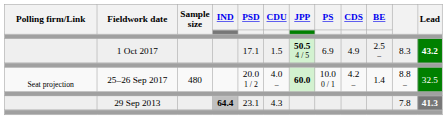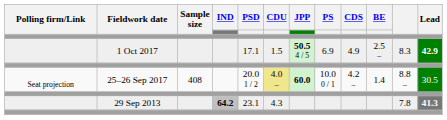 <table class="wikitable collapsible sortable" style="text-align:center; font-size:95%; line-height:16px;">
 <tr style="height:42px;">
 <th style="width:145px;" rowspan="2">Polling firm/Link</th>
 <th style="width:125px;" rowspan="2">Fieldwork date</th>
 <th class="unsortable" style="width:50px;" rowspan="2">Sample size</th>
 <th class="unsortable" style="width:35px;"><a href='#'>IND</a></th>
 <th class="unsortable" style="width:35px;"><a href='#'>PSD</a></th>
 <th class="unsortable" style="width:35px;"><a href='#'>CDU</a></th>
 <th class="unsortable" style="width:35px;"><a href='#'>JPP</a></th>
 <th class="unsortable" style="width:35px;"><a href='#'>PS</a></th>
 <th class="unsortable" style="width:35px;"><a href='#'>CDS</a></th>
 <th class="unsortable" style="width:35px;"><a href='#'>BE</a></th>
 <th class="unsortable" style="width:35px;" rowspan="2"></th>
 <th class="unsortable" style="width:30px;" rowspan="2">Lead</th>
 </tr>
 <tr>
 <th class="unsortable" style="color:inherit;background:#777777;"></th>
 <th class="unsortable" style="color:inherit;background:"></th>
 <th class="unsortable" style="color:inherit;background:"></th>
 <th class="unsortable" style="color:inherit;background:green;"></th>
 <th class="unsortable" style="color:inherit;background:"></th>
 <th class="unsortable" style="color:inherit;background:"></th>
 <th class="unsortable" style="color:inherit;background:"></th>
 </tr>
 <tr>
 <td colspan="12" style="background:#A0A0A0"></td>
 </tr>
 <tr style="background:#EFEFEF;">
 <td><strong></strong></td>
 <td data-sort-value="2019-10-06">1 Oct 2017</td>
 <td></td>
 <td></td>
 <td>17.1<br></td>
 <td>1.5<br></td>
 <td align="center" style="background:#D3F2D0;"><strong>50.5</strong><br><small>4 / 5</small></td>
 <td>6.9<br></td>
 <td>4.9<br></td>
 <td align="center">2.5<br><small>–</small></td>
 <td>8.3<br></td>
-<td style="background:green; color:white;"><strong>43.2</strong></td>
+<td style="background:green; color:white;"><strong>42.9</strong></td>
 </tr>
 <tr>
 <td colspan="12" style="background:#A0A0A0"></td>
 </tr>
 <tr>
 <td align="center"><br><small>Seat projection</small></td>
 <td align="center">25–26 Sep 2017</td>
-<td>480</td>
+<td>408</td>
 <td></td>
 <td align="center">20.0<br><small>1 / 2</small></td>
-<td align="center">4.0<br><small>–</small></td>
+<td align="center" style="background: khaki;">4.0<br><small>–</small></td>
 <td style="background:#D3F2D0;"><strong>60.0</strong><br></td>
 <td align="center">10.0<br><small>0 / 1</small></td>
 <td align="center">4.2<br><small>–</small></td>
 <td>1.4<br></td>
 <td align="center">8.8<br><small>–</small></td>
-<td style="background:green; color:white;">32.5</td>
+<td style="background:green; color:white;">30.5</td>
 </tr>
 <tr>
 <td colspan="12" style="background:#A0A0A0"></td>
 </tr>
 <tr style="background:#EFEFEF;">
 <td><strong></strong></td>
 <td data-sort-value="2019-10-06">29 Sep 2013</td>
 <td></td>
-<td style="background:#C0C0C0"><strong>64.4</strong><br></td>
+<td style="background:#C0C0C0"><strong>64.2</strong><br></td>
 <td>23.1<br></td>
 <td>4.3<br></td>
 <td></td>
 <td></td>
 <td></td>
 <td></td>
 <td>7.8<br></td>
 <td style="background:#777777; color:white;"><strong>41.3</strong></td>
 </tr>
 <tr>
 <td colspan="12" style="background:#A0A0A0"></td>
 </tr>
 </table>
